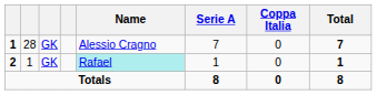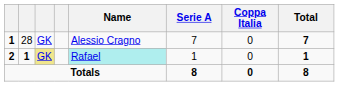 <table class="wikitable" style="text-align:center">
 <tr>
 <th width=15></th>
 <th width=15></th>
 <th width=15></th>
 <th width=15></th>
 <th width=145>Name</th>
 <th width=80><strong><a href='#'>Serie A</a></strong></th>
 <th width=80><strong><a href='#'>Coppa Italia</a></strong></th>
 <th width=80>Total</th>
 </tr>
 <tr>
 <td><strong>1</strong></td>
 <td>28</td>
 <td><a href='#'>GK</a></td>
 <td></td>
 <td align=left><a href='#'>Alessio Cragno</a></td>
 <td>7</td>
 <td>0</td>
 <td><strong>7</strong></td>
 </tr>
 <tr>
 <td><strong>2</strong></td>
-<td>1</td>
-<td><a href='#'>GK</a></td>
+<td><strong>1</strong></td>
+<td style="background: khaki;"><a href='#'>GK</a></td>
 <td></td>
 <td align=left style="background: paleturquoise;"><a href='#'>Rafael</a></td>
 <td>1</td>
 <td>0</td>
 <td><strong>1</strong></td>
 </tr>
 <tr>
 <td colspan=5><strong>Totals</strong></td>
 <td><strong>8</strong></td>
 <td><strong>0</strong></td>
 <td><strong>8</strong></td>
 </tr>
 </table>
